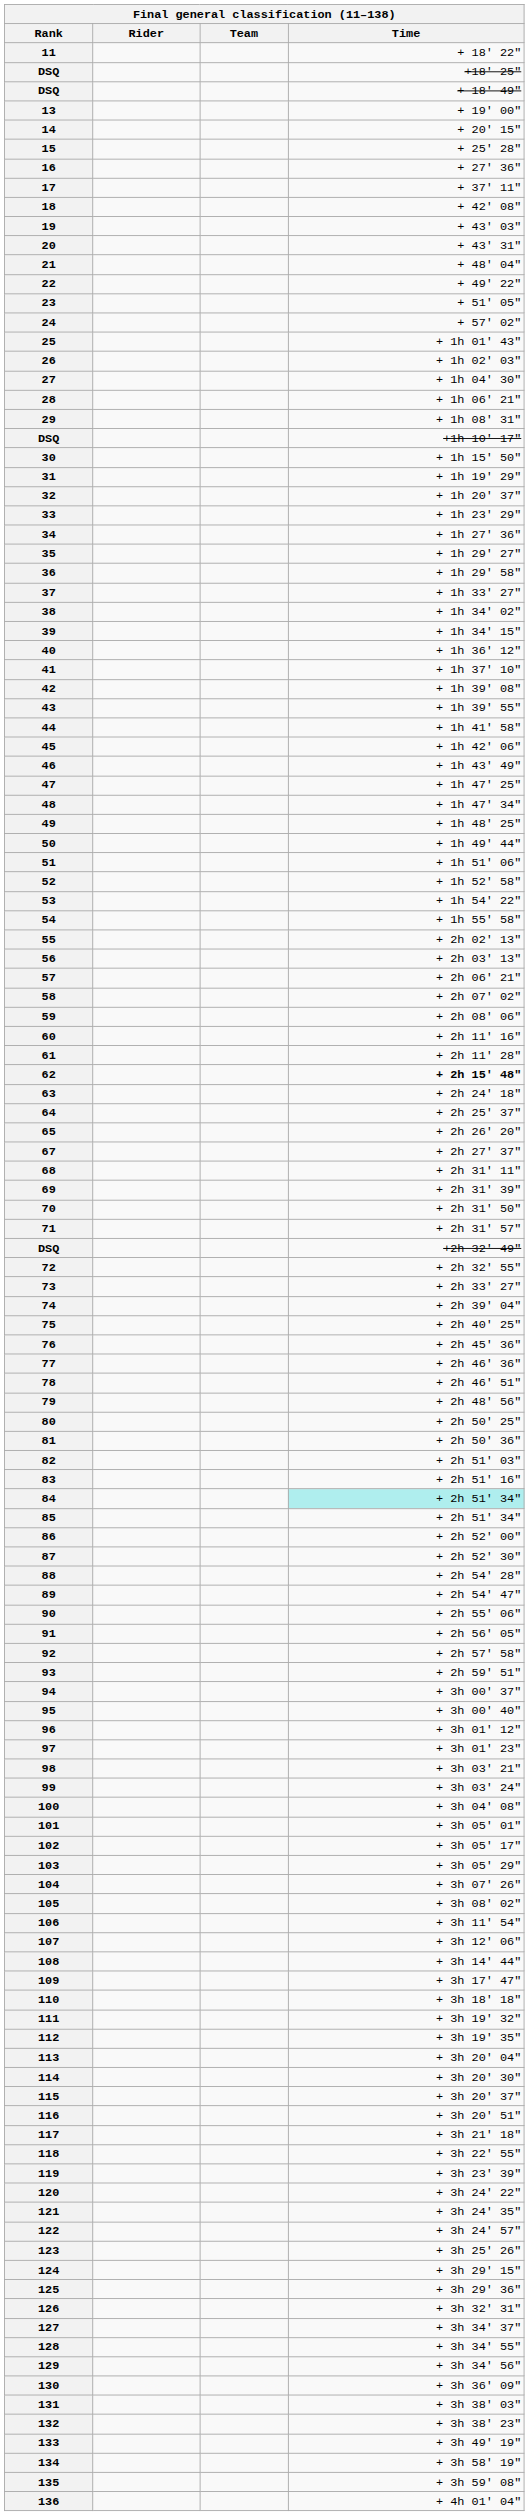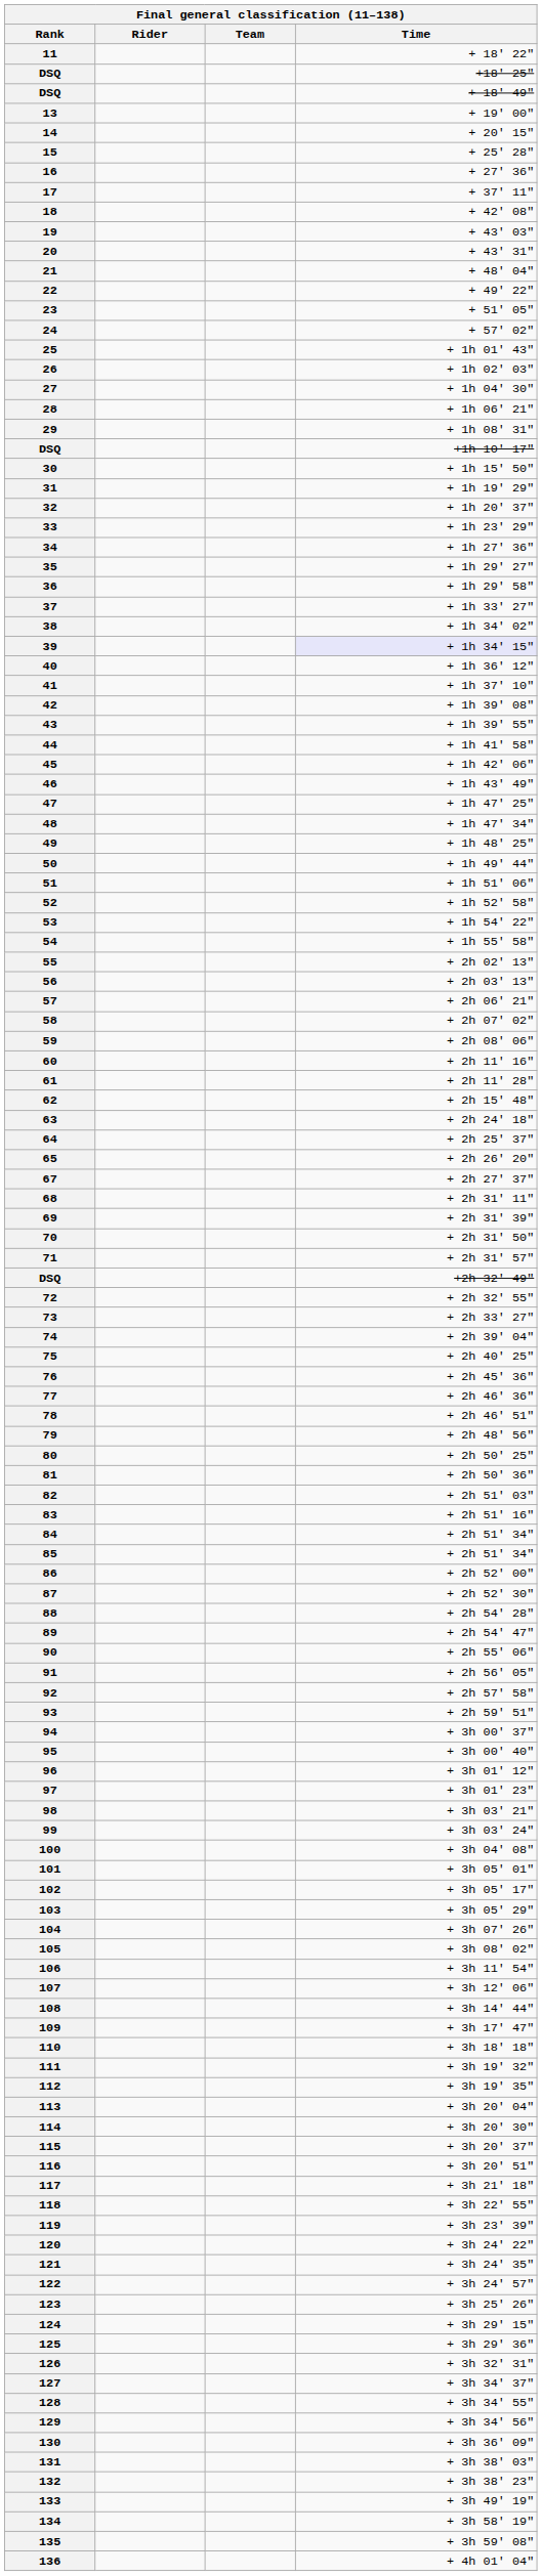 <table class="collapsible collapsed wikitable" style="width:44em;margin-top:-1px;">
 <tr>
 <th scope="col" colspan="4">Final general classification (11–138)</th>
 </tr>
 <tr>
 <th scope="col">Rank</th>
 <th scope="col">Rider</th>
 <th scope="col">Team</th>
 <th scope="col">Time</th>
 </tr>
 <tr |->
 <th scope="row">11</th>
 <td> </td>
 <td></td>
 <td style="text-align:right;">+ 18' 22"</td>
 </tr>
 <tr>
 <th scope="row">DSQ</th>
 <td></td>
 <td><s></s></td>
 <td style="text-align:right;"><s>+18' 25"</s></td>
 </tr>
 <tr>
 <th scope="row">DSQ</th>
 <td></s></td>
 <td><s></s></td>
 <td style="text-align:right;"><s>+ 18' 49"</s></td>
 </tr>
 <tr>
 <th scope="row">13</th>
 <td></td>
 <td></td>
 <td style="text-align:right;">+ 19' 00"</td>
 </tr>
 <tr>
 <th scope="row">14</th>
 <td></td>
 <td></td>
 <td style="text-align:right;">+ 20' 15"</td>
 </tr>
 <tr>
 <th scope="row">15</th>
 <td></td>
 <td></td>
 <td style="text-align:right;">+ 25' 28"</td>
 </tr>
 <tr>
 <th scope="row">16</th>
 <td> </td>
 <td></td>
 <td style="text-align:right;">+ 27' 36"</td>
 </tr>
 <tr>
 <th scope="row">17</th>
 <td></td>
 <td></td>
 <td style="text-align:right;">+ 37' 11"</td>
 </tr>
 <tr>
 <th scope="row">18</th>
 <td></td>
 <td></td>
 <td style="text-align:right;">+ 42' 08"</td>
 </tr>
 <tr>
 <th scope="row">19</th>
 <td></td>
 <td></td>
 <td style="text-align:right;">+ 43' 03"</td>
 </tr>
 <tr>
 <th scope="row">20</th>
 <td></td>
 <td></td>
 <td style="text-align:right;">+ 43' 31"</td>
 </tr>
 <tr>
 <th scope="row">21</th>
 <td> </td>
 <td></td>
 <td style="text-align:right;">+ 48' 04"</td>
 </tr>
 <tr>
 <th scope="row">22</th>
 <td></td>
 <td></td>
 <td style="text-align:right;">+ 49' 22"</td>
 </tr>
 <tr>
 <th scope="row">23</th>
 <td></td>
 <td></td>
 <td style="text-align:right;">+ 51' 05"</td>
 </tr>
 <tr>
 <th scope="row">24</th>
 <td> </td>
 <td></td>
 <td style="text-align:right;">+ 57' 02"</td>
 </tr>
 <tr>
 <th scope="row">25</th>
 <td> </td>
 <td></td>
 <td style="text-align:right;">+ 1h 01' 43"</td>
 </tr>
 <tr>
 <th scope="row">26</th>
 <td></td>
 <td></td>
 <td style="text-align:right;">+ 1h 02' 03"</td>
 </tr>
 <tr>
 <th scope="row">27</th>
 <td></td>
 <td></td>
 <td style="text-align:right;">+ 1h 04' 30"</td>
 </tr>
 <tr>
 <th scope="row">28</th>
 <td></td>
 <td></td>
 <td style="text-align:right;">+ 1h 06' 21"</td>
 </tr>
 <tr>
 <th scope="row">29</th>
 <td></td>
 <td></td>
 <td style="text-align:right;">+ 1h 08' 31"</td>
 </tr>
 <tr>
 <th scope="row">DSQ</th>
 <td></td>
 <td><s></s></td>
 <td style="text-align:right;"><s>+1h 10' 17"</s></td>
 </tr>
 <tr>
 <th scope="row">30</th>
 <td></td>
 <td></td>
 <td style="text-align:right;">+ 1h 15' 50"</td>
 </tr>
 <tr>
 <th scope="row">31</th>
 <td></td>
 <td></td>
 <td style="text-align:right;">+ 1h 19' 29"</td>
 </tr>
 <tr>
 <th scope="row">32</th>
 <td></td>
 <td></td>
 <td style="text-align:right;">+ 1h 20' 37"</td>
 </tr>
 <tr>
 <th scope="row">33</th>
 <td></td>
 <td></td>
 <td style="text-align:right;">+ 1h 23' 29"</td>
 </tr>
 <tr>
 <th scope="row">34</th>
 <td></td>
 <td></td>
 <td style="text-align:right;">+ 1h 27' 36"</td>
 </tr>
 <tr>
 <th scope="row">35</th>
 <td></td>
 <td></td>
 <td style="text-align:right;">+ 1h 29' 27"</td>
 </tr>
 <tr>
 <th scope="row">36</th>
 <td></td>
 <td></td>
 <td style="text-align:right;">+ 1h 29' 58"</td>
 </tr>
 <tr>
 <th scope="row">37</th>
 <td></td>
 <td></td>
 <td style="text-align:right;">+ 1h 33' 27"</td>
 </tr>
 <tr>
 <th scope="row">38</th>
 <td></td>
 <td></td>
 <td style="text-align:right;">+ 1h 34' 02"</td>
 </tr>
 <tr>
 <th scope="row">39</th>
 <td></td>
 <td></td>
-<td style="text-align:right;">+ 1h 34' 15"</td>
+<td style="background: lavender; text-align:right;">+ 1h 34' 15"</td>
 </tr>
 <tr>
 <th scope="row">40</th>
 <td></td>
 <td></td>
 <td style="text-align:right;">+ 1h 36' 12"</td>
 </tr>
 <tr>
 <th scope="row">41</th>
 <td></td>
 <td></td>
 <td style="text-align:right;">+ 1h 37' 10"</td>
 </tr>
 <tr>
 <th scope="row">42</th>
 <td></td>
 <td></td>
 <td style="text-align:right;">+ 1h 39' 08"</td>
 </tr>
 <tr>
 <th scope="row">43</th>
 <td></td>
 <td></td>
 <td style="text-align:right;">+ 1h 39' 55"</td>
 </tr>
 <tr>
 <th scope="row">44</th>
 <td></td>
 <td></td>
 <td style="text-align:right;">+ 1h 41' 58"</td>
 </tr>
 <tr>
 <th scope="row">45</th>
 <td></td>
 <td></td>
 <td style="text-align:right;">+ 1h 42' 06"</td>
 </tr>
 <tr>
 <th scope="row">46</th>
 <td></td>
 <td></td>
 <td style="text-align:right;">+ 1h 43' 49"</td>
 </tr>
 <tr>
 <th scope="row">47</th>
 <td></td>
 <td></td>
 <td style="text-align:right;">+ 1h 47' 25"</td>
 </tr>
 <tr>
 <th scope="row">48</th>
 <td></td>
 <td></td>
 <td style="text-align:right;">+ 1h 47' 34"</td>
 </tr>
 <tr>
 <th scope="row">49</th>
 <td> </td>
 <td></td>
 <td style="text-align:right;">+ 1h 48' 25"</td>
 </tr>
 <tr>
 <th scope="row">50</th>
 <td></td>
 <td></td>
 <td style="text-align:right;">+ 1h 49' 44"</td>
 </tr>
 <tr>
 <th scope="row">51</th>
 <td> </td>
 <td></td>
 <td style="text-align:right;">+ 1h 51' 06"</td>
 </tr>
 <tr>
 <th scope="row">52</th>
 <td></td>
 <td></td>
 <td style="text-align:right;">+ 1h 52' 58"</td>
 </tr>
 <tr>
 <th scope="row">53</th>
 <td> </td>
 <td></td>
 <td style="text-align:right;">+ 1h 54' 22"</td>
 </tr>
 <tr>
 <th scope="row">54</th>
 <td></td>
 <td></td>
 <td style="text-align:right;">+ 1h 55' 58"</td>
 </tr>
 <tr>
 <th scope="row">55</th>
 <td></td>
 <td></td>
 <td style="text-align:right;">+ 2h 02' 13"</td>
 </tr>
 <tr>
 <th scope="row">56</th>
 <td></td>
 <td></td>
 <td style="text-align:right;">+ 2h 03' 13"</td>
 </tr>
 <tr>
 <th scope="row">57</th>
 <td></td>
 <td></td>
 <td style="text-align:right;">+ 2h 06' 21"</td>
 </tr>
 <tr>
 <th scope="row">58</th>
 <td></td>
 <td></td>
 <td style="text-align:right;">+ 2h 07' 02"</td>
 </tr>
 <tr>
 <th scope="row">59</th>
 <td></td>
 <td></td>
 <td style="text-align:right;">+ 2h 08' 06"</td>
 </tr>
 <tr>
 <th scope="row">60</th>
 <td></td>
 <td></td>
 <td style="text-align:right;">+ 2h 11' 16"</td>
 </tr>
 <tr>
 <th scope="row">61</th>
 <td></td>
 <td></td>
 <td style="text-align:right;">+ 2h 11' 28"</td>
 </tr>
 <tr>
 <th scope="row">62</th>
 <td></td>
 <td></td>
-<td style="text-align:right;"><strong>+ 2h 15' 48"</strong></td>
+<td style="text-align:right;">+ 2h 15' 48"</td>
 </tr>
 <tr>
 <th scope="row">63</th>
 <td></td>
 <td></td>
 <td style="text-align:right;">+ 2h 24' 18"</td>
 </tr>
 <tr>
 <th scope="row">64</th>
 <td></td>
 <td></td>
 <td style="text-align:right;">+ 2h 25' 37"</td>
 </tr>
 <tr>
 <th scope="row">65</th>
 <td></td>
 <td></td>
 <td style="text-align:right;">+ 2h 26' 20"</td>
 </tr>
 <tr>
 <th scope="row">67</th>
 <td></td>
 <td></td>
 <td style="text-align:right;">+ 2h 27' 37"</td>
 </tr>
 <tr>
 <th scope="row">68</th>
 <td></td>
 <td></td>
 <td style="text-align:right;">+ 2h 31' 11"</td>
 </tr>
 <tr>
 <th scope="row">69</th>
 <td></td>
 <td></td>
 <td style="text-align:right;">+ 2h 31' 39"</td>
 </tr>
 <tr>
 <th scope="row">70</th>
 <td></td>
 <td></td>
 <td style="text-align:right;">+ 2h 31' 50"</td>
 </tr>
 <tr>
 <th scope="row">71</th>
 <td></td>
 <td></td>
 <td style="text-align:right;">+ 2h 31' 57"</td>
 </tr>
 <tr>
 <th scope="row">DSQ</th>
 <td></td>
 <td><s></s></td>
 <td style="text-align:right;"><s>+2h 32' 49"</s></td>
 </tr>
 <tr>
 <th scope="row">72</th>
 <td></td>
 <td></td>
 <td style="text-align:right;">+ 2h 32' 55"</td>
 </tr>
 <tr>
 <th scope="row">73</th>
 <td></td>
 <td></td>
 <td style="text-align:right;">+ 2h 33' 27"</td>
 </tr>
 <tr>
 <th scope="row">74</th>
 <td></td>
 <td></td>
 <td style="text-align:right;">+ 2h 39' 04"</td>
 </tr>
 <tr>
 <th scope="row">75</th>
 <td></td>
 <td></td>
 <td style="text-align:right;">+ 2h 40' 25"</td>
 </tr>
 <tr>
 <th scope="row">76</th>
 <td></td>
 <td></td>
 <td style="text-align:right;">+ 2h 45' 36"</td>
 </tr>
 <tr>
 <th scope="row">77</th>
 <td></td>
 <td></td>
 <td style="text-align:right;">+ 2h 46' 36"</td>
 </tr>
 <tr>
 <th scope="row">78</th>
 <td></td>
 <td></td>
 <td style="text-align:right;">+ 2h 46' 51"</td>
 </tr>
 <tr>
 <th scope="row">79</th>
 <td></td>
 <td></td>
 <td style="text-align:right;">+ 2h 48' 56"</td>
 </tr>
 <tr>
 <th scope="row">80</th>
 <td></td>
 <td></td>
 <td style="text-align:right;">+ 2h 50' 25"</td>
 </tr>
 <tr>
 <th scope="row">81</th>
 <td></td>
 <td></td>
 <td style="text-align:right;">+ 2h 50' 36"</td>
 </tr>
 <tr>
 <th scope="row">82</th>
 <td></td>
 <td></td>
 <td style="text-align:right;">+ 2h 51' 03"</td>
 </tr>
 <tr>
 <th scope="row">83</th>
 <td></td>
 <td></td>
 <td style="text-align:right;">+ 2h 51' 16"</td>
 </tr>
 <tr>
 <th scope="row">84</th>
 <td></td>
 <td></td>
-<td style="background: paleturquoise; text-align:right;">+ 2h 51' 34"</td>
+<td style="text-align:right;">+ 2h 51' 34"</td>
 </tr>
 <tr>
 <th scope="row">85</th>
 <td></td>
 <td></td>
 <td style="text-align:right;">+ 2h 51' 34"</td>
 </tr>
 <tr>
 <th scope="row">86</th>
 <td></td>
 <td></td>
 <td style="text-align:right;">+ 2h 52' 00"</td>
 </tr>
 <tr>
 <th scope="row">87</th>
 <td></td>
 <td></td>
 <td style="text-align:right;">+ 2h 52' 30"</td>
 </tr>
 <tr>
 <th scope="row">88</th>
 <td></td>
 <td></td>
 <td style="text-align:right;">+ 2h 54' 28"</td>
 </tr>
 <tr>
 <th scope="row">89</th>
 <td></td>
 <td></td>
 <td style="text-align:right;">+ 2h 54' 47"</td>
 </tr>
 <tr>
 <th scope="row">90</th>
 <td></td>
 <td></td>
 <td style="text-align:right;">+ 2h 55' 06"</td>
 </tr>
 <tr>
 <th scope="row">91</th>
 <td></td>
 <td></td>
 <td style="text-align:right;">+ 2h 56' 05"</td>
 </tr>
 <tr>
 <th scope="row">92</th>
 <td></td>
 <td></td>
 <td style="text-align:right;">+ 2h 57' 58"</td>
 </tr>
 <tr>
 <th scope="row">93</th>
 <td></td>
 <td></td>
 <td style="text-align:right;">+ 2h 59' 51"</td>
 </tr>
 <tr>
 <th scope="row">94</th>
 <td></td>
 <td></td>
 <td style="text-align:right;">+ 3h 00' 37"</td>
 </tr>
 <tr>
 <th scope="row">95</th>
 <td></td>
 <td></td>
 <td style="text-align:right;">+ 3h 00' 40"</td>
 </tr>
 <tr>
 <th scope="row">96</th>
 <td></td>
 <td></td>
 <td style="text-align:right;">+ 3h 01' 12"</td>
 </tr>
 <tr>
 <th scope="row">97</th>
 <td></td>
 <td></td>
 <td style="text-align:right;">+ 3h 01' 23"</td>
 </tr>
 <tr>
 <th scope="row">98</th>
 <td></td>
 <td></td>
 <td style="text-align:right;">+ 3h 03' 21"</td>
 </tr>
 <tr>
 <th scope="row">99</th>
 <td></td>
 <td></td>
 <td style="text-align:right;">+ 3h 03' 24"</td>
 </tr>
 <tr>
 <th scope="row">100</th>
 <td></td>
 <td></td>
 <td style="text-align:right;">+ 3h 04' 08"</td>
 </tr>
 <tr>
 <th scope="row">101</th>
 <td></td>
 <td></td>
 <td style="text-align:right;">+ 3h 05' 01"</td>
 </tr>
 <tr>
 <th scope="row">102</th>
 <td></td>
 <td></td>
 <td style="text-align:right;">+ 3h 05' 17"</td>
 </tr>
 <tr>
 <th scope="row">103</th>
 <td></td>
 <td></td>
 <td style="text-align:right;">+ 3h 05' 29"</td>
 </tr>
 <tr>
 <th scope="row">104</th>
 <td></td>
 <td></td>
 <td style="text-align:right;">+ 3h 07' 26"</td>
 </tr>
 <tr>
 <th scope="row">105</th>
 <td></td>
 <td></td>
 <td style="text-align:right;">+ 3h 08' 02"</td>
 </tr>
 <tr>
 <th scope="row">106</th>
 <td></td>
 <td></td>
 <td style="text-align:right;">+ 3h 11' 54"</td>
 </tr>
 <tr>
 <th scope="row">107</th>
 <td></td>
 <td></td>
 <td style="text-align:right;">+ 3h 12' 06"</td>
 </tr>
 <tr>
 <th scope="row">108</th>
 <td></td>
 <td></td>
 <td style="text-align:right;">+ 3h 14' 44"</td>
 </tr>
 <tr>
 <th scope="row">109</th>
 <td></td>
 <td></td>
 <td style="text-align:right;">+ 3h 17' 47"</td>
 </tr>
 <tr>
 <th scope="row">110</th>
 <td></td>
 <td></td>
 <td style="text-align:right;">+ 3h 18' 18"</td>
 </tr>
 <tr>
 <th scope="row">111</th>
 <td></td>
 <td></td>
 <td style="text-align:right;">+ 3h 19' 32"</td>
 </tr>
 <tr>
 <th scope="row">112</th>
 <td></td>
 <td></td>
 <td style="text-align:right;">+ 3h 19' 35"</td>
 </tr>
 <tr>
 <th scope="row">113</th>
 <td> </td>
 <td></td>
 <td style="text-align:right;">+ 3h 20' 04"</td>
 </tr>
 <tr>
 <th scope="row">114</th>
 <td></td>
 <td></td>
 <td style="text-align:right;">+ 3h 20' 30"</td>
 </tr>
 <tr>
 <th scope="row">115</th>
 <td></td>
 <td></td>
 <td style="text-align:right;">+ 3h 20' 37"</td>
 </tr>
 <tr>
 <th scope="row">116</th>
 <td></td>
 <td></td>
 <td style="text-align:right;">+ 3h 20' 51"</td>
 </tr>
 <tr>
 <th scope="row">117</th>
 <td></td>
 <td></td>
 <td style="text-align:right;">+ 3h 21' 18"</td>
 </tr>
 <tr>
 <th scope="row">118</th>
 <td></td>
 <td></td>
 <td style="text-align:right;">+ 3h 22' 55"</td>
 </tr>
 <tr>
 <th scope="row">119</th>
 <td></td>
 <td></td>
 <td style="text-align:right;">+ 3h 23' 39"</td>
 </tr>
 <tr>
 <th scope="row">120</th>
 <td></td>
 <td></td>
 <td style="text-align:right;">+ 3h 24' 22"</td>
 </tr>
 <tr>
 <th scope="row">121</th>
 <td></td>
 <td></td>
 <td style="text-align:right;">+ 3h 24' 35"</td>
 </tr>
 <tr>
 <th scope="row">122</th>
 <td></td>
 <td></td>
 <td style="text-align:right;">+ 3h 24' 57"</td>
 </tr>
 <tr>
 <th scope="row">123</th>
 <td></td>
 <td></td>
 <td style="text-align:right;">+ 3h 25' 26"</td>
 </tr>
 <tr>
 <th scope="row">124</th>
 <td></td>
 <td></td>
 <td style="text-align:right;">+ 3h 29' 15"</td>
 </tr>
 <tr>
 <th scope="row">125</th>
 <td></td>
 <td></td>
 <td style="text-align:right;">+ 3h 29' 36"</td>
 </tr>
 <tr>
 <th scope="row">126</th>
 <td></td>
 <td></td>
 <td style="text-align:right;">+ 3h 32' 31"</td>
 </tr>
 <tr>
 <th scope="row">127</th>
 <td></td>
 <td></td>
 <td style="text-align:right;">+ 3h 34' 37"</td>
 </tr>
 <tr>
 <th scope="row">128</th>
 <td></td>
 <td></td>
 <td style="text-align:right;">+ 3h 34' 55"</td>
 </tr>
 <tr>
 <th scope="row">129</th>
 <td></td>
 <td></td>
 <td style="text-align:right;">+ 3h 34' 56"</td>
 </tr>
 <tr>
 <th scope="row">130</th>
 <td></td>
 <td></td>
 <td style="text-align:right;">+ 3h 36' 09"</td>
 </tr>
 <tr>
 <th scope="row">131</th>
 <td></td>
 <td></td>
 <td style="text-align:right;">+ 3h 38' 03"</td>
 </tr>
 <tr>
 <th scope="row">132</th>
 <td></td>
 <td></td>
 <td style="text-align:right;">+ 3h 38' 23"</td>
 </tr>
 <tr>
 <th scope="row">133</th>
 <td></td>
 <td></td>
 <td style="text-align:right;">+ 3h 49' 19"</td>
 </tr>
 <tr>
 <th scope="row">134</th>
 <td></td>
 <td></td>
 <td style="text-align:right;">+ 3h 58' 19"</td>
 </tr>
 <tr>
 <th scope="row">135</th>
 <td></td>
 <td></td>
 <td style="text-align:right;">+ 3h 59' 08"</td>
 </tr>
 <tr>
 <th scope="row">136</th>
 <td></td>
 <td></td>
 <td style="text-align:right;">+ 4h 01' 04"</td>
 </tr>
 </table>
